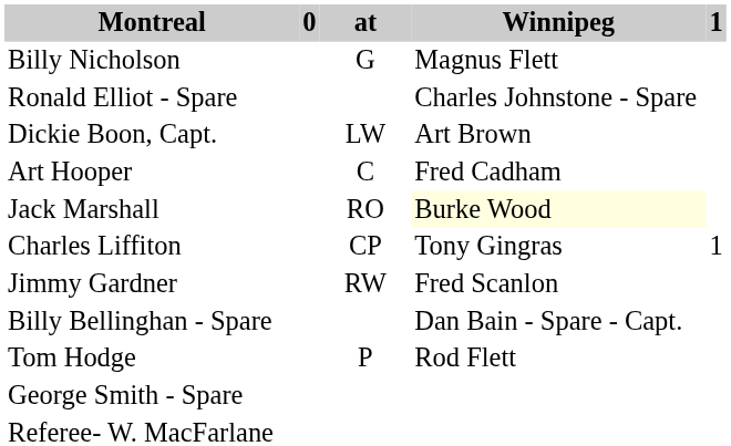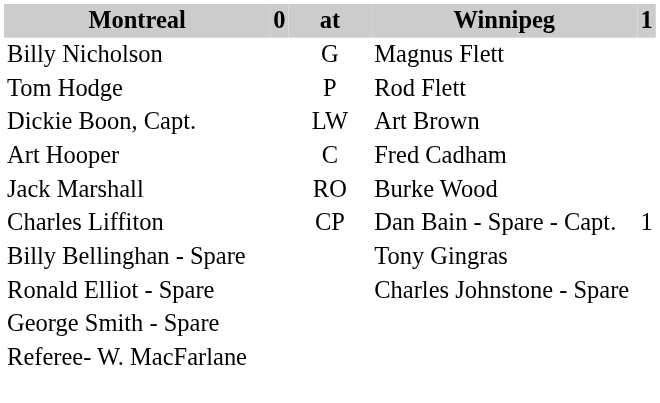 <table cellpadding=2 cellspacing=0 border=0>
 <tr bgcolor=#cccccc>
 <th width=170>Montreal</th>
 <th>0</th>
 <th width=50>at</th>
 <th width=170>Winnipeg</th>
 <th>1</th>
 </tr>
 <tr>
 <td>Billy Nicholson</td>
 <td></td>
 <td align=center>G</td>
 <td>Magnus Flett</td>
 <td></td>
 <td></td>
 </tr>
 <tr>
-<td>Ronald Elliot - Spare</td>
+<td>Tom Hodge</td>
 <td></td>
-<td align=center></td>
-<td>Charles Johnstone - Spare</td>
+<td align=center>P</td>
+<td>Rod Flett</td>
 <td></td>
 <td></td>
 </tr>
 <tr>
 <td>Dickie Boon, Capt.</td>
 <td></td>
 <td align=center>LW</td>
 <td>Art Brown</td>
 <td></td>
 <td></td>
 </tr>
 <tr>
 <td>Art Hooper</td>
 <td></td>
 <td align=center>C</td>
 <td>Fred Cadham</td>
 <td></td>
 <td></td>
 </tr>
 <tr>
 <td>Jack Marshall</td>
 <td></td>
 <td align=center>RO</td>
-<td style="background: lightyellow;">Burke Wood</td>
+<td>Burke Wood</td>
 <td></td>
 <td></td>
 </tr>
 <tr>
 <td>Charles Liffiton</td>
 <td></td>
 <td align=center>CP</td>
-<td>Tony Gingras</td>
+<td>Dan Bain - Spare - Capt.</td>
 <td>1</td>
-<td></td>
-</tr>
-<tr>
-<td>Jimmy Gardner</td>
-<td></td>
-<td align=center>RW</td>
-<td>Fred Scanlon</td>
-<td></td>
 <td></td>
 </tr>
 <tr>
 <td>Billy Bellinghan - Spare</td>
 <td></td>
 <td align=center></td>
-<td>Dan Bain - Spare - Capt.</td>
+<td>Tony Gingras</td>
 <td></td>
 <td></td>
 </tr>
 <tr>
-<td>Tom Hodge</td>
+<td>Ronald Elliot - Spare</td>
 <td></td>
-<td align=center>P</td>
-<td>Rod Flett</td>
+<td align=center></td>
+<td>Charles Johnstone - Spare</td>
 <td></td>
 <td></td>
 </tr>
 <tr>
 <td>George Smith - Spare</td>
 <td></td>
 <td align=center></td>
 <td></td>
 <td></td>
 <td></td>
 </tr>
 <tr>
 <td colspan="5">Referee- W. MacFarlane</td>
 </tr>
 </table>
